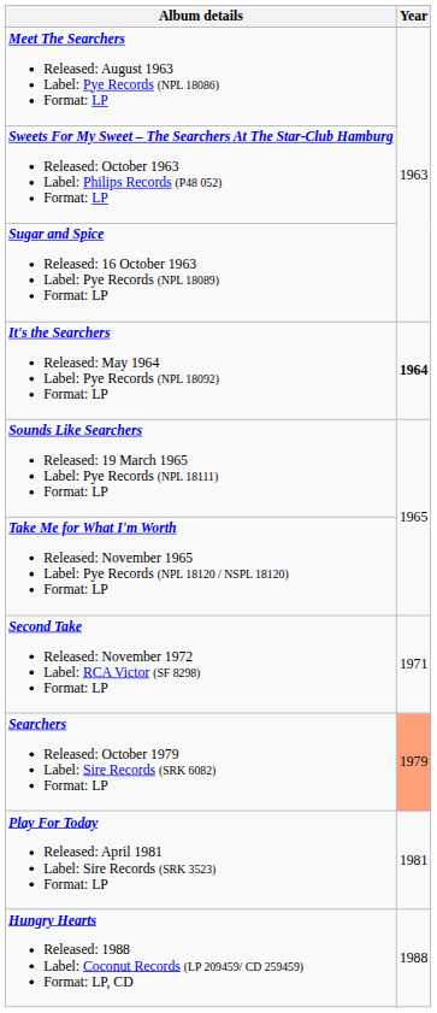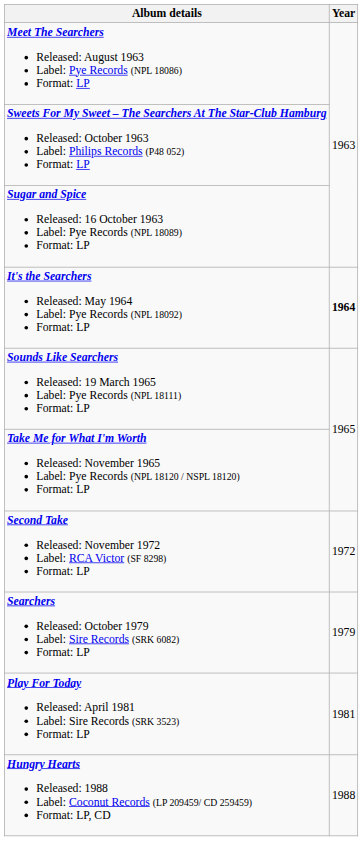 <table class="wikitable">
 <tr>
 <th>Album details</th>
 <th>Year</th>
 </tr>
 <tr>
 <td><strong><em><a href='#'>Meet The Searchers</a></em></strong><br><ul><li>Released: August 1963</li><li>Label: <a href='#'>Pye Records</a> <small>(NPL 18086)</small></li><li>Format: <a href='#'>LP</a></li></ul></td>
 <td rowspan="3">1963</td>
 </tr>
 <tr>
 <td><strong><em><a href='#'>Sweets For My Sweet – The Searchers At The Star-Club Hamburg</a></em></strong><br><ul><li>Released: October 1963</li><li>Label: <a href='#'>Philips Records</a> <small>(P48 052)</small></li><li>Format: <a href='#'>LP</a></li></ul></td>
 </tr>
 <tr>
 <td><strong><em><a href='#'>Sugar and Spice</a></em></strong><br><ul><li>Released: 16 October 1963</li><li>Label: Pye Records <small>(NPL 18089)</small></li><li>Format: LP</li></ul></td>
 </tr>
 <tr>
 <td><strong><em><a href='#'>It's the Searchers</a></em></strong><br><ul><li>Released: May 1964</li><li>Label: Pye Records <small>(NPL 18092)</small></li><li>Format: LP</li></ul></td>
 <td><strong>1964</strong></td>
 </tr>
 <tr>
 <td><strong><em><a href='#'>Sounds Like Searchers</a></em></strong><br><ul><li>Released: 19 March 1965</li><li>Label: Pye Records <small>(NPL 18111)</small></li><li>Format: LP</li></ul></td>
 <td rowspan="2">1965</td>
 </tr>
 <tr>
 <td><strong><em><a href='#'>Take Me for What I'm Worth</a></em></strong><br><ul><li>Released: November 1965</li><li>Label: Pye Records <small>(NPL 18120 / NSPL 18120)</small></li><li>Format: LP</li></ul></td>
 </tr>
 <tr>
 <td><strong><em><a href='#'>Second Take</a></em></strong><br><ul><li>Released: November 1972</li><li>Label: <a href='#'>RCA Victor</a> <small>(SF 8298)</small></li><li>Format: LP</li></ul></td>
-<td>1971</td>
+<td>1972</td>
 </tr>
 <tr>
 <td><strong><em><a href='#'>Searchers</a></em></strong><br><ul><li>Released: October 1979</li><li>Label: <a href='#'>Sire Records</a> <small>(SRK 6082)</small></li><li>Format: LP</li></ul></td>
-<td style="background: lightsalmon;">1979</td>
+<td>1979</td>
 </tr>
 <tr>
 <td><strong><em><a href='#'>Play For Today</a></em></strong><br><ul><li>Released: April 1981</li><li>Label: Sire Records <small>(SRK 3523)</small></li><li>Format: LP</li></ul></td>
 <td>1981</td>
 </tr>
 <tr>
 <td><strong><em><a href='#'>Hungry Hearts</a></em></strong><br><ul><li>Released: 1988</li><li>Label: <a href='#'>Coconut Records</a> <small>(LP 209459/ CD 259459)</small></li><li>Format: LP, CD</li></ul></td>
 <td>1988</td>
 </tr>
 </table>
